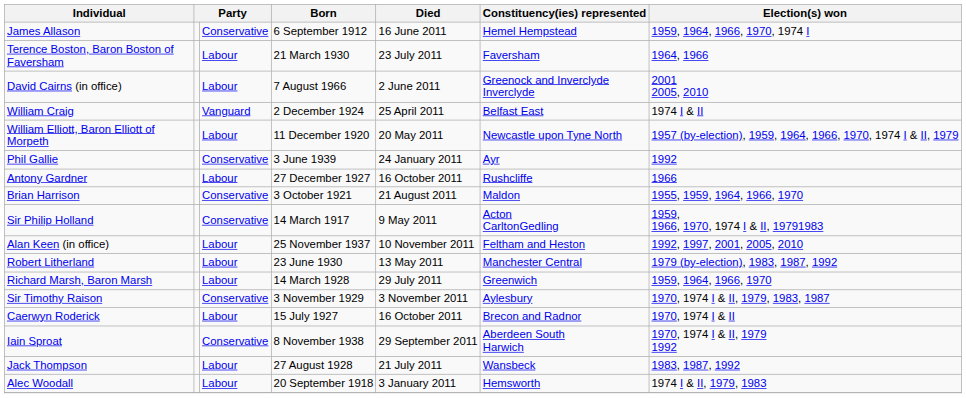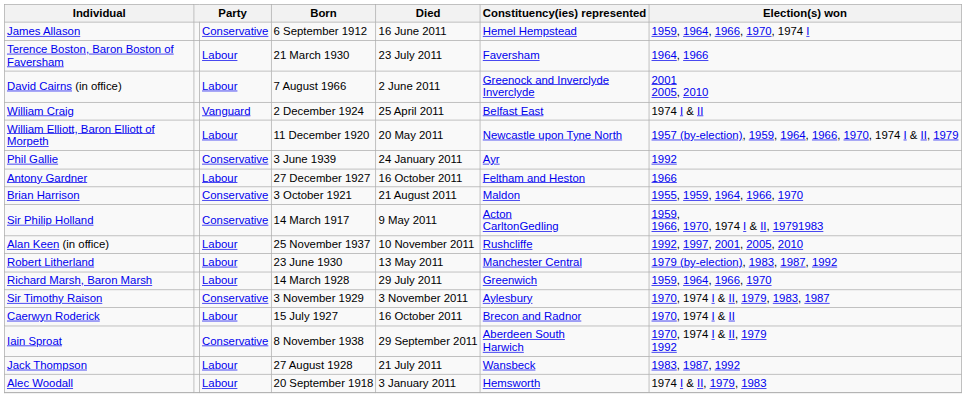 <table class="wikitable sortable">
 <tr>
 <th width="260px">Individual</th>
 <th colspan="2">Party</th>
 <th>Born</th>
 <th>Died</th>
 <th>Constituency(ies) represented</th>
 <th>Election(s) won</th>
 </tr>
 <tr>
 <td><a href='#'>James Allason</a></td>
 <td style="background-color: "></td>
 <td><a href='#'>Conservative</a></td>
 <td>6 September 1912</td>
 <td>16 June 2011</td>
 <td><a href='#'>Hemel Hempstead</a></td>
 <td><a href='#'>1959</a>, <a href='#'>1964</a>, <a href='#'>1966</a>, <a href='#'>1970</a>, 1974 <a href='#'>I</a></td>
 </tr>
 <tr>
 <td><a href='#'>Terence Boston, Baron Boston of Faversham</a></td>
 <td style="background-color: "></td>
 <td><a href='#'>Labour</a></td>
 <td>21 March 1930</td>
 <td>23 July 2011</td>
 <td><a href='#'>Faversham</a></td>
 <td><a href='#'>1964</a>, <a href='#'>1966</a></td>
 </tr>
 <tr>
 <td><a href='#'>David Cairns</a> (in office)</td>
 <td style="background-color: "></td>
 <td><a href='#'>Labour</a></td>
 <td>7 August 1966</td>
 <td>2 June 2011</td>
 <td><a href='#'>Greenock and Inverclyde</a><br><a href='#'>Inverclyde</a></td>
 <td><a href='#'>2001</a><br><a href='#'>2005</a>, <a href='#'>2010</a></td>
 </tr>
 <tr>
 <td><a href='#'>William Craig</a></td>
 <td style="background-color: "></td>
 <td><a href='#'>Vanguard</a></td>
 <td>2 December 1924</td>
 <td>25 April 2011</td>
 <td><a href='#'>Belfast East</a></td>
 <td>1974 <a href='#'>I</a> & <a href='#'>II</a></td>
 </tr>
 <tr>
 <td><a href='#'>William Elliott, Baron Elliott of Morpeth</a></td>
 <td style="background-color: "></td>
 <td><a href='#'>Labour</a></td>
 <td>11 December 1920</td>
 <td>20 May 2011</td>
 <td><a href='#'>Newcastle upon Tyne North</a></td>
 <td><a href='#'>1957 (by-election)</a>, <a href='#'>1959</a>, <a href='#'>1964</a>, <a href='#'>1966</a>, <a href='#'>1970</a>, 1974 <a href='#'>I</a> & <a href='#'>II</a>, <a href='#'>1979</a></td>
 </tr>
 <tr>
 <td><a href='#'>Phil Gallie</a></td>
 <td style="background-color: "></td>
 <td><a href='#'>Conservative</a></td>
 <td>3 June 1939</td>
 <td>24 January 2011</td>
 <td><a href='#'>Ayr</a></td>
 <td><a href='#'>1992</a></td>
 </tr>
 <tr>
 <td><a href='#'>Antony Gardner</a></td>
 <td style="background-color: "></td>
 <td><a href='#'>Labour</a></td>
 <td>27 December 1927</td>
 <td>16 October 2011</td>
-<td><a href='#'>Rushcliffe</a></td>
+<td><a href='#'>Feltham and Heston</a></td>
 <td><a href='#'>1966</a></td>
 </tr>
 <tr>
 <td><a href='#'>Brian Harrison</a></td>
 <td style="background-color: "></td>
 <td><a href='#'>Conservative</a></td>
 <td>3 October 1921</td>
 <td>21 August 2011</td>
 <td><a href='#'>Maldon</a></td>
 <td><a href='#'>1955</a>, <a href='#'>1959</a>, <a href='#'>1964</a>, <a href='#'>1966</a>, <a href='#'>1970</a></td>
 </tr>
 <tr>
 <td><a href='#'>Sir Philip Holland</a></td>
 <td style="background-color: "></td>
 <td><a href='#'>Conservative</a></td>
 <td>14 March 1917</td>
 <td>9 May 2011</td>
 <td><a href='#'>Acton</a><br><a href='#'>Carlton</a><a href='#'>Gedling</a></td>
 <td><a href='#'>1959</a>,<br><a href='#'>1966</a>, <a href='#'>1970</a>, 1974 <a href='#'>I</a> & <a href='#'>II</a>, <a href='#'>1979</a><a href='#'>1983</a></td>
 </tr>
 <tr>
 <td><a href='#'>Alan Keen</a> (in office)</td>
 <td style="background-color: "></td>
 <td><a href='#'>Labour</a></td>
 <td>25 November 1937</td>
 <td>10 November 2011</td>
-<td><a href='#'>Feltham and Heston</a></td>
+<td><a href='#'>Rushcliffe</a></td>
 <td><a href='#'>1992</a>, <a href='#'>1997</a>, <a href='#'>2001</a>, <a href='#'>2005</a>, <a href='#'>2010</a></td>
 </tr>
 <tr>
 <td><a href='#'>Robert Litherland</a></td>
 <td style="background-color: "></td>
 <td><a href='#'>Labour</a></td>
 <td>23 June 1930</td>
 <td>13 May 2011</td>
 <td><a href='#'>Manchester Central</a></td>
 <td><a href='#'>1979 (by-election)</a>, <a href='#'>1983</a>, <a href='#'>1987</a>, <a href='#'>1992</a></td>
 </tr>
 <tr>
 <td><a href='#'>Richard Marsh, Baron Marsh</a></td>
 <td style="background-color: "></td>
 <td><a href='#'>Labour</a></td>
 <td>14 March 1928</td>
 <td>29 July 2011</td>
 <td><a href='#'>Greenwich</a></td>
 <td><a href='#'>1959</a>, <a href='#'>1964</a>, <a href='#'>1966</a>, <a href='#'>1970</a></td>
 </tr>
 <tr>
 <td><a href='#'>Sir Timothy Raison</a></td>
 <td style="background-color: "></td>
 <td><a href='#'>Conservative</a></td>
 <td>3 November 1929</td>
 <td>3 November 2011</td>
 <td><a href='#'>Aylesbury</a></td>
 <td><a href='#'>1970</a>, 1974 <a href='#'>I</a> & <a href='#'>II</a>, <a href='#'>1979</a>, <a href='#'>1983</a>, <a href='#'>1987</a></td>
 </tr>
 <tr>
 <td><a href='#'>Caerwyn Roderick</a></td>
 <td style="background-color: "></td>
 <td><a href='#'>Labour</a></td>
 <td>15 July 1927</td>
 <td>16 October 2011</td>
 <td><a href='#'>Brecon and Radnor</a></td>
 <td><a href='#'>1970</a>, 1974 <a href='#'>I</a> & <a href='#'>II</a></td>
 </tr>
 <tr>
 <td><a href='#'>Iain Sproat</a></td>
 <td style="background-color: "></td>
 <td><a href='#'>Conservative</a></td>
 <td>8 November 1938</td>
 <td>29 September 2011</td>
 <td><a href='#'>Aberdeen South</a><br><a href='#'>Harwich</a></td>
 <td><a href='#'>1970</a>, 1974 <a href='#'>I</a> & <a href='#'>II</a>, <a href='#'>1979</a><br><a href='#'>1992</a></td>
 </tr>
 <tr>
 <td><a href='#'>Jack Thompson</a></td>
 <td style="background-color: "></td>
 <td><a href='#'>Labour</a></td>
 <td>27 August 1928</td>
 <td>21 July 2011</td>
 <td><a href='#'>Wansbeck</a></td>
 <td><a href='#'>1983</a>, <a href='#'>1987</a>, <a href='#'>1992</a></td>
 </tr>
 <tr>
 <td><a href='#'>Alec Woodall</a></td>
 <td style="background-color: "></td>
 <td><a href='#'>Labour</a></td>
 <td>20 September 1918</td>
 <td>3 January 2011</td>
 <td><a href='#'>Hemsworth</a></td>
 <td>1974 <a href='#'>I</a> & <a href='#'>II</a>, <a href='#'>1979</a>, <a href='#'>1983</a></td>
 </tr>
 <tr>
 </tr>
 </table>
